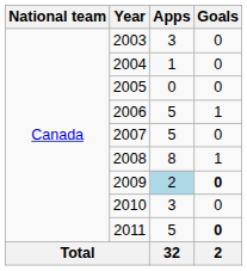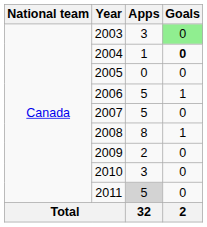 <table class="wikitable" style="text-align:center">
 <tr>
 <th>National team</th>
 <th>Year</th>
 <th>Apps</th>
 <th>Goals</th>
 </tr>
 <tr>
 <td rowspan="9"><a href='#'>Canada</a></td>
 <td>2003</td>
 <td>3</td>
-<td>0</td>
+<td style="background: lightgreen;">0</td>
 </tr>
 <tr>
 <td>2004</td>
 <td>1</td>
-<td>0</td>
+<td><strong>0</strong></td>
 </tr>
 <tr>
 <td>2005</td>
 <td>0</td>
 <td>0</td>
 </tr>
 <tr>
 <td>2006</td>
 <td>5</td>
 <td>1</td>
 </tr>
 <tr>
 <td>2007</td>
 <td>5</td>
 <td>0</td>
 </tr>
 <tr>
 <td>2008</td>
 <td>8</td>
 <td>1</td>
 </tr>
 <tr>
 <td>2009</td>
-<td style="background: lightblue;">2</td>
-<td><strong>0</strong></td>
+<td>2</td>
+<td>0</td>
 </tr>
 <tr>
 <td>2010</td>
 <td>3</td>
 <td>0</td>
 </tr>
 <tr>
 <td>2011</td>
-<td>5</td>
-<td><strong>0</strong></td>
+<td style="background: lightgrey;">5</td>
+<td>0</td>
 </tr>
 <tr>
 <th colspan="2">Total</th>
 <th>32</th>
 <th>2</th>
 </tr>
 </table>
